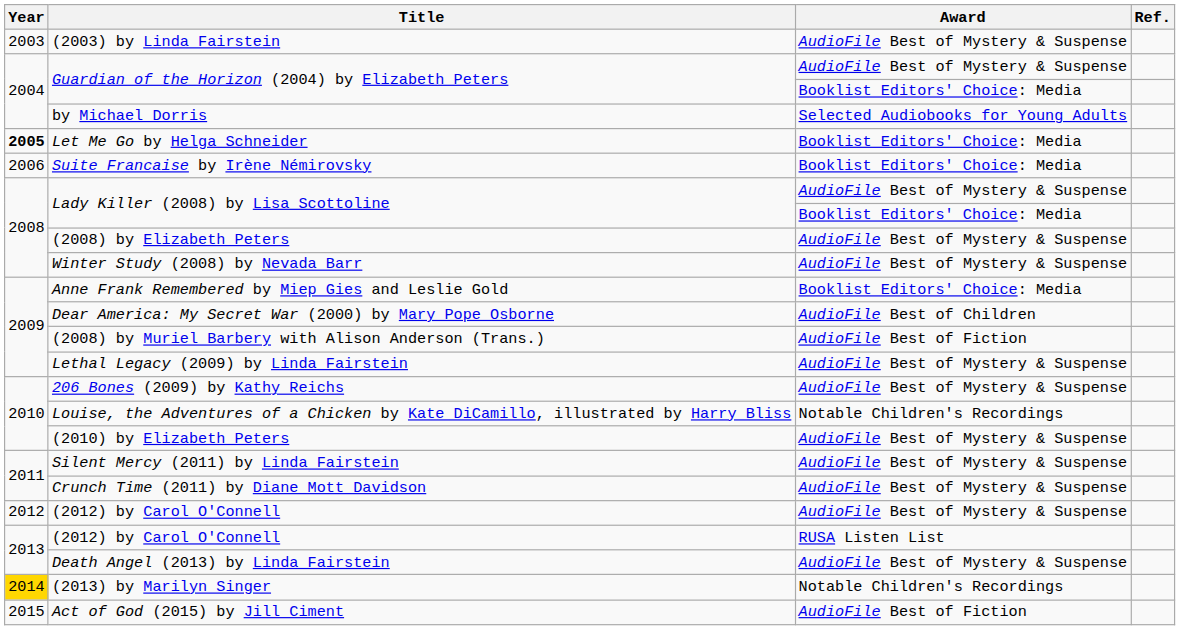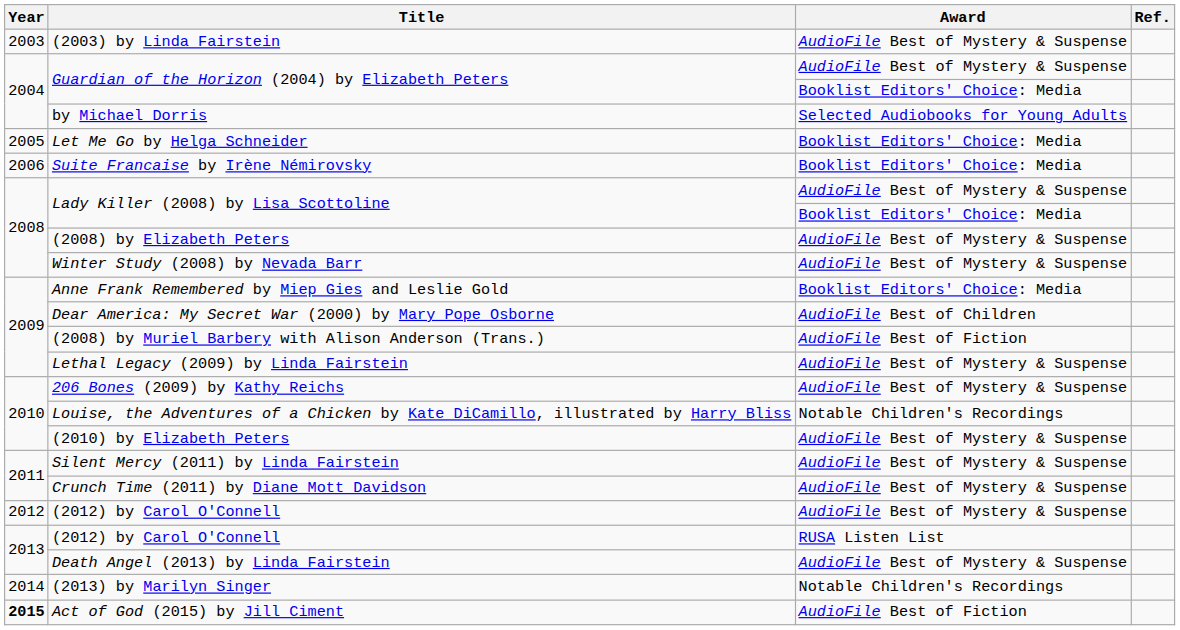 <table class="wikitable sortable mw-collapsible">
 <tr>
 <th>Year</th>
 <th>Title</th>
 <th>Award</th>
 <th>Ref.</th>
 </tr>
 <tr>
 <td>2003</td>
 <td><em></em> (2003) by <a href='#'>Linda Fairstein</a></td>
 <td><em><a href='#'>AudioFile</a></em> Best of Mystery & Suspense</td>
 <td></td>
 </tr>
 <tr>
 <td rowspan="3">2004</td>
 <td rowspan="2"><em><a href='#'>Guardian of the Horizon</a> </em>(2004) by <a href='#'>Elizabeth Peters</a></td>
 <td><em><a href='#'>AudioFile</a></em> Best of Mystery & Suspense</td>
 <td></td>
 </tr>
 <tr>
 <td><a href='#'>Booklist Editors' Choice</a>: Media</td>
 <td></td>
 </tr>
 <tr>
 <td><em></em> by <a href='#'>Michael Dorris</a></td>
 <td><a href='#'>Selected Audiobooks for Young Adults</a></td>
 <td></td>
 </tr>
 <tr>
-<td><strong>2005</strong></td>
+<td>2005</td>
 <td><em>Let Me Go</em> by <a href='#'>Helga Schneider</a></td>
 <td><a href='#'>Booklist Editors' Choice</a>: Media</td>
 <td></td>
 </tr>
 <tr>
 <td>2006</td>
 <td><em><a href='#'>Suite Francaise</a></em> by <a href='#'>Irène Némirovsky</a></td>
 <td><a href='#'>Booklist Editors' Choice</a>: Media</td>
 <td></td>
 </tr>
 <tr>
 <td rowspan="4">2008</td>
 <td rowspan="2"><em>Lady Killer </em>(2008) by <a href='#'>Lisa Scottoline</a></td>
 <td><em><a href='#'>AudioFile</a></em> Best of Mystery & Suspense</td>
 <td></td>
 </tr>
 <tr>
 <td><a href='#'>Booklist Editors' Choice</a>: Media</td>
 <td></td>
 </tr>
 <tr>
 <td><em></em>(2008) by <a href='#'>Elizabeth Peters</a></td>
 <td><em><a href='#'>AudioFile</a></em> Best of Mystery & Suspense</td>
 <td></td>
 </tr>
 <tr>
 <td><em>Winter Study</em> (2008) by <a href='#'>Nevada Barr</a></td>
 <td><em><a href='#'>AudioFile</a></em> Best of Mystery & Suspense</td>
 <td></td>
 </tr>
 <tr>
 <td rowspan="4">2009</td>
 <td><em>Anne Frank Remembered</em> by <a href='#'>Miep Gies</a> and Leslie Gold</td>
 <td><a href='#'>Booklist Editors' Choice</a>: Media</td>
 <td></td>
 </tr>
 <tr>
 <td><em>Dear America: My Secret War</em> (2000) by <a href='#'>Mary Pope Osborne</a></td>
 <td><em><a href='#'>AudioFile</a></em> Best of Children</td>
 <td></td>
 </tr>
 <tr>
 <td><em></em> (2008) by <a href='#'>Muriel Barbery</a> with Alison Anderson (Trans.)</td>
 <td><em><a href='#'>AudioFile</a></em> Best of Fiction</td>
 <td></td>
 </tr>
 <tr>
 <td><em>Lethal Legacy </em>(2009) by <a href='#'>Linda Fairstein</a></td>
 <td><em><a href='#'>AudioFile</a></em> Best of Mystery & Suspense</td>
 <td></td>
 </tr>
 <tr>
 <td rowspan="3">2010</td>
 <td><em><a href='#'>206 Bones</a></em> (2009) by <a href='#'>Kathy Reichs</a></td>
 <td><em><a href='#'>AudioFile</a></em> Best of Mystery & Suspense</td>
 <td></td>
 </tr>
 <tr>
 <td><em>Louise, the Adventures of a Chicken</em> by <a href='#'>Kate DiCamillo</a>, illustrated by <a href='#'>Harry Bliss</a></td>
 <td>Notable Children's Recordings</td>
 <td></td>
 </tr>
 <tr>
 <td><em></em> (2010) by <a href='#'>Elizabeth Peters</a></td>
 <td><em><a href='#'>AudioFile</a></em> Best of Mystery & Suspense</td>
 <td></td>
 </tr>
 <tr>
 <td rowspan="2">2011</td>
 <td><em>Silent Mercy</em> (2011) by <a href='#'>Linda Fairstein</a></td>
 <td><em><a href='#'>AudioFile</a></em> Best of Mystery & Suspense</td>
 <td></td>
 </tr>
 <tr>
 <td><em>Crunch Time</em> (2011) by <a href='#'>Diane Mott Davidson</a></td>
 <td><em><a href='#'>AudioFile</a></em> Best of Mystery & Suspense</td>
 <td></td>
 </tr>
 <tr>
 <td>2012</td>
 <td><em></em> (2012) by <a href='#'>Carol O'Connell</a></td>
 <td><em><a href='#'>AudioFile</a></em> Best of Mystery & Suspense</td>
 <td></td>
 </tr>
 <tr>
 <td rowspan="2">2013</td>
 <td><em></em> (2012) by <a href='#'>Carol O'Connell</a></td>
 <td><a href='#'>RUSA</a> Listen List</td>
 <td></td>
 </tr>
 <tr>
 <td><em>Death Angel</em> (2013) by <a href='#'>Linda Fairstein</a></td>
 <td><em><a href='#'>AudioFile</a></em> Best of Mystery & Suspense</td>
 <td></td>
 </tr>
 <tr>
-<td style="background: gold;">2014</td>
+<td>2014</td>
 <td><em></em> (2013) by <a href='#'>Marilyn Singer</a></td>
 <td>Notable Children's Recordings</td>
 <td></td>
 </tr>
 <tr>
-<td>2015</td>
+<td><strong>2015</strong></td>
 <td><em>Act of God</em> (2015) by <a href='#'>Jill Ciment</a></td>
 <td><em><a href='#'>AudioFile</a></em> Best of Fiction</td>
 <td></td>
 </tr>
 </table>
